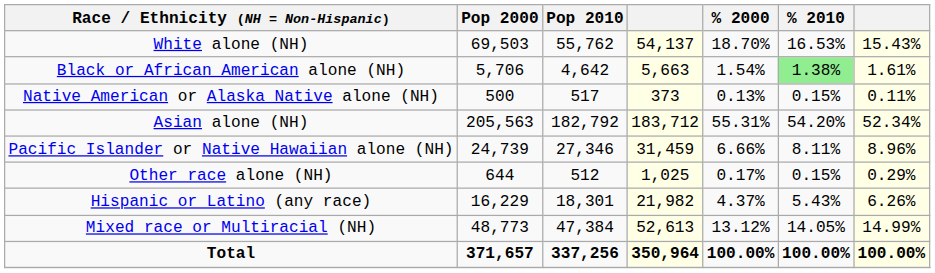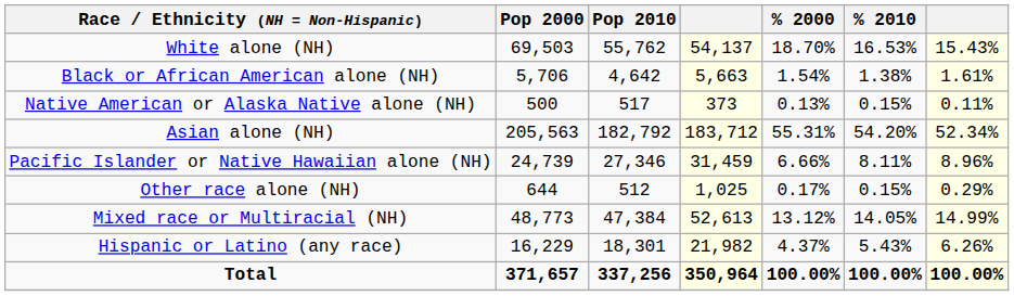 <table class="wikitable" style="text-align:center;">
 <tr>
 <th>Race / Ethnicity <small>(<em>NH = Non-Hispanic</em>)</small></th>
 <th>Pop 2000</th>
 <th>Pop 2010</th>
 <th></th>
 <th>% 2000</th>
 <th>% 2010</th>
 <th></th>
 </tr>
 <tr>
 <td><a href='#'>White</a> alone (NH)</td>
 <td>69,503</td>
 <td>55,762</td>
 <td style='background: #ffffe6;'>54,137</td>
 <td>18.70%</td>
 <td>16.53%</td>
 <td style='background: #ffffe6;'>15.43%</td>
 </tr>
 <tr>
 <td><a href='#'>Black or African American</a> alone (NH)</td>
 <td>5,706</td>
 <td>4,642</td>
 <td style='background: #ffffe6;'>5,663</td>
 <td>1.54%</td>
-<td style="background: lightgreen;">1.38%</td>
+<td>1.38%</td>
 <td style='background: #ffffe6;'>1.61%</td>
 </tr>
 <tr>
 <td><a href='#'>Native American</a> or <a href='#'>Alaska Native</a> alone (NH)</td>
 <td>500</td>
 <td>517</td>
 <td style='background: #ffffe6;'>373</td>
 <td>0.13%</td>
 <td>0.15%</td>
 <td style='background: #ffffe6;'>0.11%</td>
 </tr>
 <tr>
 <td><a href='#'>Asian</a> alone (NH)</td>
 <td>205,563</td>
 <td>182,792</td>
 <td style='background: #ffffe6;'>183,712</td>
 <td>55.31%</td>
 <td>54.20%</td>
 <td style='background: #ffffe6;'>52.34%</td>
 </tr>
 <tr>
 <td><a href='#'>Pacific Islander</a> or <a href='#'>Native Hawaiian</a> alone (NH)</td>
 <td>24,739</td>
 <td>27,346</td>
 <td style='background: #ffffe6;'>31,459</td>
 <td>6.66%</td>
 <td>8.11%</td>
 <td style='background: #ffffe6;'>8.96%</td>
 </tr>
 <tr>
 <td><a href='#'>Other race</a> alone (NH)</td>
 <td>644</td>
 <td>512</td>
 <td style='background: #ffffe6;'>1,025</td>
 <td>0.17%</td>
 <td>0.15%</td>
 <td style='background: #ffffe6;'>0.29%</td>
 </tr>
 <tr>
+<td><a href='#'>Mixed race or Multiracial</a> (NH)</td>
+<td>48,773</td>
+<td>47,384</td>
+<td style='background: #ffffe6;'>52,613</td>
+<td>13.12%</td>
+<td>14.05%</td>
+<td style='background: #ffffe6;'>14.99%</td>
+</tr>
+<tr>
 <td><a href='#'>Hispanic or Latino</a> (any race)</td>
 <td>16,229</td>
 <td>18,301</td>
 <td style='background: #ffffe6;'>21,982</td>
 <td>4.37%</td>
 <td>5.43%</td>
 <td style='background: #ffffe6;'>6.26%</td>
-</tr>
-<tr>
-<td><a href='#'>Mixed race or Multiracial</a> (NH)</td>
-<td>48,773</td>
-<td>47,384</td>
-<td style='background: #ffffe6;'>52,613</td>
-<td>13.12%</td>
-<td>14.05%</td>
-<td style='background: #ffffe6;'>14.99%</td>
 </tr>
 <tr>
 <td><strong>Total</strong></td>
 <td><strong>371,657</strong></td>
 <td><strong>337,256</strong></td>
 <td style='background: #ffffe6;'><strong>350,964</strong></td>
 <td><strong>100.00%</strong></td>
 <td><strong>100.00%</strong></td>
 <td style='background: #ffffe6;'><strong>100.00%</strong></td>
 </tr>
 <tr>
 </tr>
 </table>
